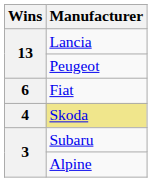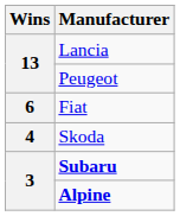 <table class=wikitable>
 <tr>
 <th>Wins</th>
 <th>Manufacturer</th>
 </tr>
 <tr>
 <th rowspan=2>13</th>
 <td> <a href='#'>Lancia</a></td>
 </tr>
 <tr>
 <td> <a href='#'>Peugeot</a></td>
 </tr>
 <tr>
 <th>6</th>
 <td> <a href='#'>Fiat</a></td>
 </tr>
 <tr>
 <th>4</th>
-<td style="background: khaki;"> <a href='#'>Skoda</a></td>
+<td> <a href='#'>Skoda</a></td>
 </tr>
 <tr>
 <th rowspan=2>3</th>
-<td> <a href='#'>Subaru</a></td>
+<td><strong> <a href='#'>Subaru</a></strong></td>
 </tr>
 <tr>
-<td> <a href='#'>Alpine</a></td>
+<td><strong> <a href='#'>Alpine</a></strong></td>
 </tr>
 </table>
